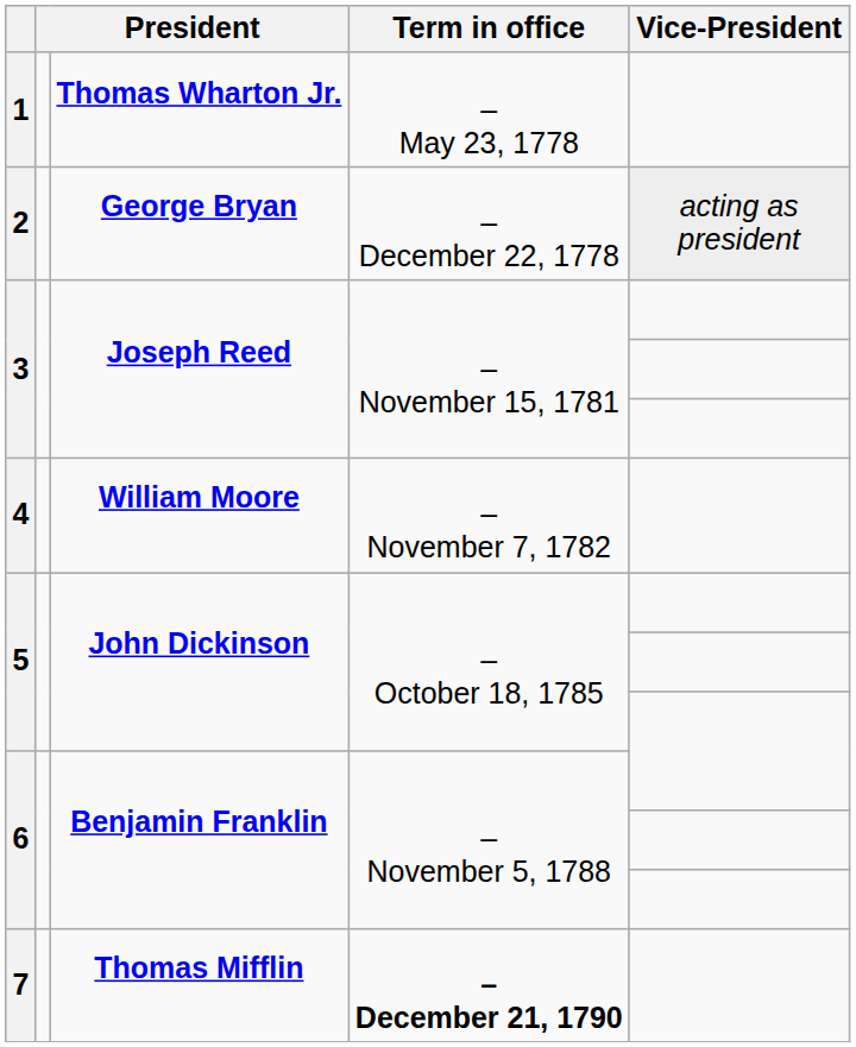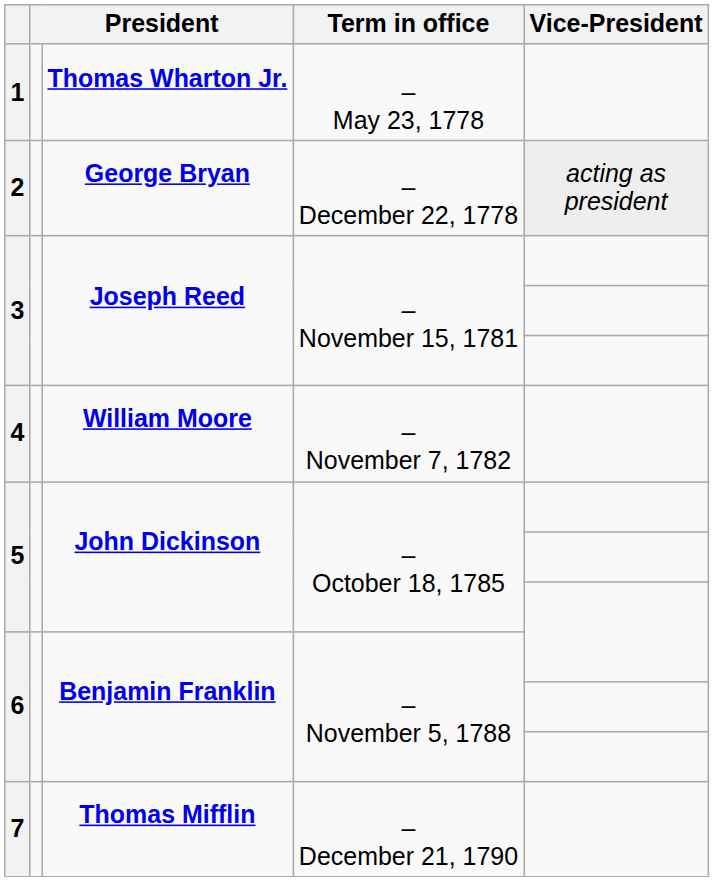 <table class="wikitable sortable" style="text-align:center;">
 <tr>
 <th scope="col" data-sort-type="number"></th>
 <th scope="colgroup" colspan="2">President</th>
 <th scope="col">Term in office</th>
 <th scope="col">Vice-President</th>
 </tr>
 <tr style="height:2em;">
 <th scope="row">1</th>
 <td data-sort-value="Wharton, Thomas"></td>
 <td><strong><a href='#'>Thomas Wharton Jr.</a></strong><br><br></td>
 <td><br>–<br>May 23, 1778<br></td>
 <td></td>
 </tr>
 <tr style="height:2em;">
 <th scope="row">2</th>
 <td data-sort-value="Bryan, George"></td>
 <td><strong><a href='#'>George Bryan</a></strong><br><br></td>
 <td><br>–<br>December 22, 1778<br></td>
 <td style="background:#EEEEEE;"><em>acting as<br>president</em></td>
 </tr>
 <tr style="height:2em;">
 <th rowspan="3" scope="rowgroup">3</th>
 <td rowspan="3" data-sort-value="Reed, Joseph"></td>
 <td rowspan="3"><strong><a href='#'>Joseph Reed</a></strong><br><br></td>
 <td rowspan="3"><br>–<br>November 15, 1781<br></td>
 <td><br></td>
 </tr>
 <tr style="height:2em;">
 <td><br></td>
 </tr>
 <tr style="height:2em;">
 <td></td>
 </tr>
 <tr style="height:2em;">
 <th scope="row">4</th>
 <td data-sort-value="Moore, William"></td>
 <td><strong><a href='#'>William Moore</a></strong><br><br></td>
 <td><br>–<br>November 7, 1782<br></td>
 <td></td>
 </tr>
 <tr style="height:2em;">
 <th rowspan="3" scope="rowgroup">5</th>
 <td rowspan="3" data-sort-value="Dickinson, John"></td>
 <td rowspan="3"><strong><a href='#'>John Dickinson</a></strong><br><br></td>
 <td rowspan="3"><br>–<br>October 18, 1785<br></td>
 <td></td>
 </tr>
 <tr style="height:2em;">
 <td><br></td>
 </tr>
 <tr style="height:2em;">
 <td rowspan="2"></td>
 </tr>
 <tr style="height:2em;">
 <th rowspan="3" scope="rowgroup">6</th>
 <td rowspan="3" data-sort-value="Franklin, Benjamin"></td>
 <td rowspan="3"><strong><a href='#'>Benjamin Franklin</a></strong><br><br></td>
 <td rowspan="3"><br>–<br>November 5, 1788<br></td>
 </tr>
 <tr style="height:2em;">
 <td><br></td>
 </tr>
 <tr style="height:2em;">
 <td></td>
 </tr>
 <tr style="height:2em;">
 <th scope="row">7</th>
 <td data-sort-value="Mifflin, Thomas"></td>
 <td><strong><a href='#'>Thomas Mifflin</a></strong><br><br></td>
-<td><strong><br>–<br>December 21, 1790<br></strong></td>
+<td><br>–<br>December 21, 1790<br></td>
 <td></td>
 </tr>
 </table>
